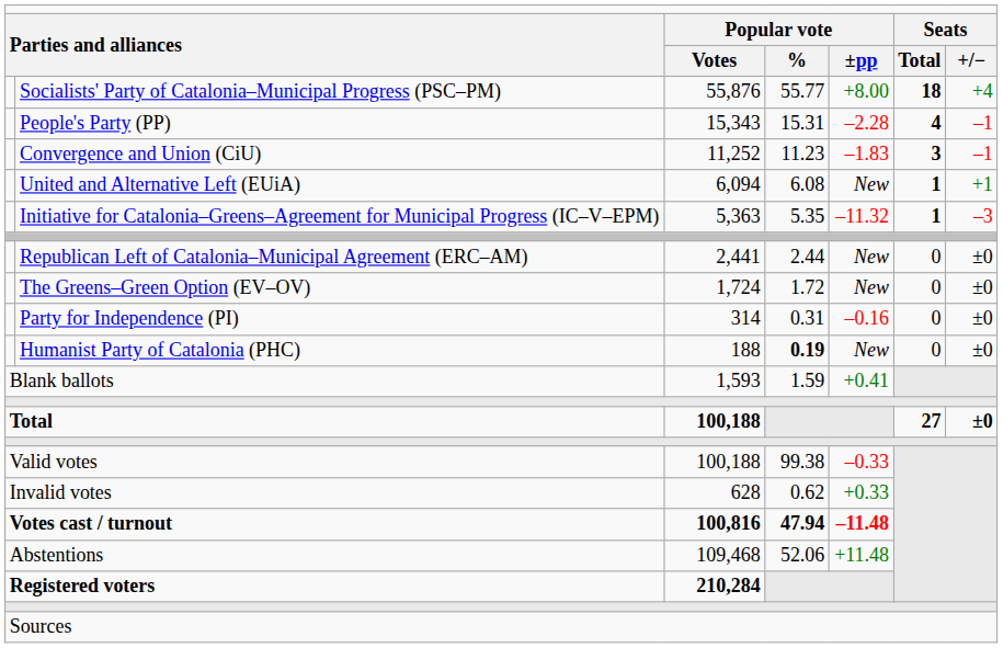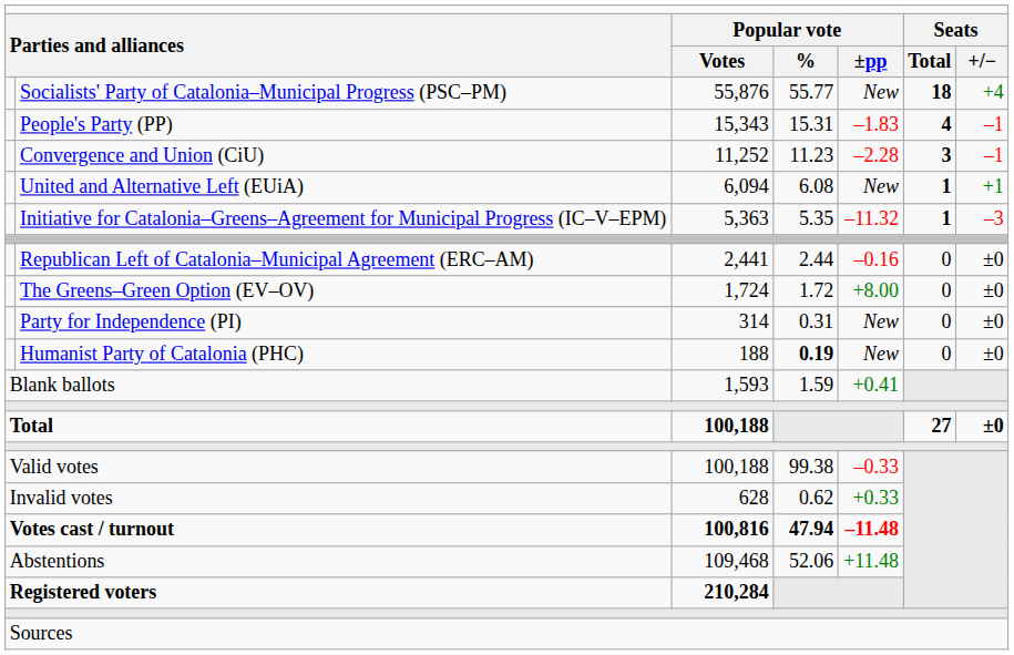 <table class="wikitable" style="text-align:right;">
 <tr>
 <td colspan="7"></td>
 </tr>
 <tr>
 <th style="text-align:left;" rowspan="2" colspan="2" width="525">Parties and alliances</th>
 <th colspan="3">Popular vote</th>
 <th colspan="2">Seats</th>
 </tr>
 <tr>
 <th width="75">Votes</th>
 <th width="45">%</th>
 <th width="45">±<a href='#'>pp</a></th>
 <th width="35">Total</th>
 <th width="35">+/−</th>
 </tr>
 <tr>
 <td width="1" style="color:inherit;background:"></td>
 <td align="left"><a href='#'>Socialists' Party of Catalonia–Municipal Progress</a> (PSC–PM)</td>
 <td>55,876</td>
 <td>55.77</td>
-<td style="color:green;">+8.00</td>
+<td><em>New</em></td>
 <td><strong>18</strong></td>
 <td style="color:green;">+4</td>
 </tr>
 <tr>
 <td style="color:inherit;background:"></td>
 <td align="left"><a href='#'>People's Party</a> (PP)</td>
 <td>15,343</td>
 <td>15.31</td>
-<td style="color:red;">–2.28</td>
+<td style="color:red;">–1.83</td>
 <td><strong>4</strong></td>
 <td style="color:red;">–1</td>
 </tr>
 <tr>
 <td style="color:inherit;background:"></td>
 <td align="left"><a href='#'>Convergence and Union</a> (CiU)</td>
 <td>11,252</td>
 <td>11.23</td>
-<td style="color:red;">–1.83</td>
+<td style="color:red;">–2.28</td>
 <td><strong>3</strong></td>
 <td style="color:red;">–1</td>
 </tr>
 <tr>
 <td style="color:inherit;background:"></td>
 <td align="left"><a href='#'>United and Alternative Left</a> (EUiA)</td>
 <td>6,094</td>
 <td>6.08</td>
 <td><em>New</em></td>
 <td><strong>1</strong></td>
 <td style="color:green;">+1</td>
 </tr>
 <tr>
 <td style="color:inherit;background:"></td>
 <td align="left"><a href='#'>Initiative for Catalonia–Greens–Agreement for Municipal Progress</a> (IC–V–EPM)</td>
 <td>5,363</td>
 <td>5.35</td>
 <td style="color:red;">–11.32</td>
 <td><strong>1</strong></td>
 <td style="color:red;">–3</td>
 </tr>
 <tr>
 <td colspan="7" style="color:inherit;background:#C0C0C0"></td>
 </tr>
 <tr>
 <td style="color:inherit;background:"></td>
 <td align="left"><a href='#'>Republican Left of Catalonia–Municipal Agreement</a> (ERC–AM)</td>
 <td>2,441</td>
 <td>2.44</td>
-<td><em>New</em></td>
+<td style="color:red;">–0.16</td>
 <td>0</td>
 <td>±0</td>
 </tr>
 <tr>
 <td style="color:inherit;background:"></td>
 <td align="left"><a href='#'>The Greens–Green Option</a> (EV–OV)</td>
 <td>1,724</td>
 <td>1.72</td>
-<td><em>New</em></td>
+<td style="color:green;">+8.00</td>
 <td>0</td>
 <td>±0</td>
 </tr>
 <tr>
 <td style="color:inherit;background:"></td>
 <td align="left"><a href='#'>Party for Independence</a> (PI)</td>
 <td>314</td>
 <td>0.31</td>
-<td style="color:red;">–0.16</td>
+<td><em>New</em></td>
 <td>0</td>
 <td>±0</td>
 </tr>
 <tr>
 <td style="color:inherit;background:"></td>
 <td align="left"><a href='#'>Humanist Party of Catalonia</a> (PHC)</td>
 <td>188</td>
 <td><strong>0.19</strong></td>
 <td><em>New</em></td>
 <td>0</td>
 <td>±0</td>
 </tr>
 <tr>
 <td align="left" colspan="2">Blank ballots</td>
 <td>1,593</td>
 <td>1.59</td>
 <td style="color:green;">+0.41</td>
 <td style="color:inherit;background:#E9E9E9" colspan="2"></td>
 </tr>
 <tr>
 <td colspan="7" style="color:inherit;background:#E9E9E9"></td>
 </tr>
 <tr style="font-weight:bold;">
 <td align="left" colspan="2">Total</td>
 <td>100,188</td>
 <td bgcolor="#E9E9E9" colspan="2"></td>
 <td>27</td>
 <td>±0</td>
 </tr>
 <tr>
 <td colspan="7" style="color:inherit;background:#E9E9E9"></td>
 </tr>
 <tr>
 <td align="left" colspan="2">Valid votes</td>
 <td>100,188</td>
 <td>99.38</td>
 <td style="color:red;">–0.33</td>
 <td bgcolor="#E9E9E9" colspan="2" rowspan="5"></td>
 </tr>
 <tr>
 <td align="left" colspan="2">Invalid votes</td>
 <td>628</td>
 <td>0.62</td>
 <td style="color:green;">+0.33</td>
 </tr>
 <tr style="font-weight:bold;">
 <td align="left" colspan="2">Votes cast / turnout</td>
 <td>100,816</td>
 <td>47.94</td>
 <td style="color:red;">–11.48</td>
 </tr>
 <tr>
 <td align="left" colspan="2">Abstentions</td>
 <td>109,468</td>
 <td>52.06</td>
 <td style="color:green;">+11.48</td>
 </tr>
 <tr style="font-weight:bold;">
 <td align="left" colspan="2">Registered voters</td>
 <td>210,284</td>
 <td bgcolor="#E9E9E9" colspan="2"></td>
 </tr>
 <tr>
 <td colspan="7" style="color:inherit;background:#E9E9E9"></td>
 </tr>
 <tr>
 <td align="left" colspan="7">Sources</td>
 </tr>
 </table>
